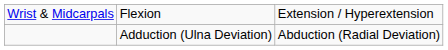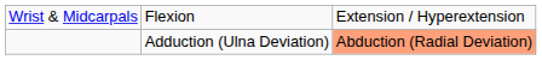 <table class="wikitable">
 <tr>
 <td><a href='#'>Wrist</a> & <a href='#'>Midcarpals</a></td>
 <td>Flexion</td>
 <td>Extension / Hyperextension</td>
 </tr>
 <tr>
 <td></td>
 <td>Adduction (Ulna Deviation)</td>
-<td>Abduction (Radial Deviation)</td>
+<td style="background: lightsalmon;">Abduction (Radial Deviation)</td>
 </tr>
 </table>
